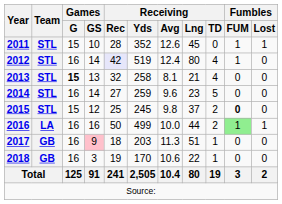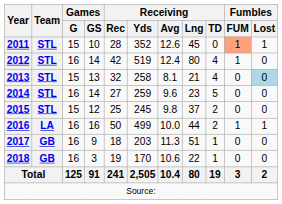 <table class="wikitable" style="text-align: center;">
 <tr>
 <th rowspan="2">Year</th>
 <th rowspan="2">Team</th>
 <th colspan="2">Games</th>
 <th colspan="5">Receiving</th>
 <th colspan="2">Fumbles</th>
 </tr>
 <tr>
 <th>G</th>
 <th>GS</th>
 <th>Rec</th>
 <th>Yds</th>
 <th>Avg</th>
 <th>Lng</th>
 <th>TD</th>
 <th>FUM</th>
 <th>Lost</th>
 </tr>
 <tr>
 <th><a href='#'>2011</a></th>
 <th><a href='#'>STL</a></th>
 <td>15</td>
 <td>10</td>
 <td>28</td>
 <td>352</td>
 <td>12.6</td>
 <td>45</td>
 <td>0</td>
-<td>1</td>
+<td style="background: lightsalmon;">1</td>
 <td>1</td>
 </tr>
 <tr>
 <th><a href='#'>2012</a></th>
 <th><a href='#'>STL</a></th>
 <td>16</td>
 <td>14</td>
-<td style="background: lavender;">42</td>
+<td>42</td>
 <td>519</td>
 <td>12.4</td>
 <td>80</td>
 <td>4</td>
 <td>1</td>
 <td>0</td>
 </tr>
 <tr>
 <th><a href='#'>2013</a></th>
 <th><a href='#'>STL</a></th>
-<td><strong>15</strong></td>
+<td>15</td>
 <td>13</td>
 <td>32</td>
 <td>258</td>
 <td>8.1</td>
 <td>21</td>
 <td>4</td>
 <td>0</td>
-<td>0</td>
+<td style="background: lightblue;">0</td>
 </tr>
 <tr>
 <th><a href='#'>2014</a></th>
 <th><a href='#'>STL</a></th>
 <td>16</td>
 <td>14</td>
 <td>27</td>
 <td>259</td>
 <td>9.6</td>
 <td>23</td>
 <td>5</td>
 <td>0</td>
 <td>0</td>
 </tr>
 <tr>
 <th><a href='#'>2015</a></th>
 <th><a href='#'>STL</a></th>
 <td>15</td>
 <td>12</td>
 <td>25</td>
 <td>245</td>
 <td>9.8</td>
 <td>37</td>
 <td>2</td>
-<td><strong>0</strong></td>
+<td>0</td>
 <td>0</td>
 </tr>
 <tr>
 <th><a href='#'>2016</a></th>
 <th><a href='#'>LA</a></th>
 <td>16</td>
 <td>16</td>
 <td>50</td>
 <td>499</td>
 <td>10.0</td>
 <td>44</td>
 <td>2</td>
-<td style="background: lightgreen;">1</td>
+<td>1</td>
 <td>1</td>
 </tr>
 <tr>
 <th><a href='#'>2017</a></th>
 <th><a href='#'>GB</a></th>
 <td>16</td>
-<td style="background: pink;">9</td>
+<td>9</td>
 <td>18</td>
 <td>203</td>
 <td>11.3</td>
 <td>51</td>
 <td>1</td>
 <td>0</td>
 <td>0</td>
 </tr>
 <tr>
 <th><a href='#'>2018</a></th>
 <th><a href='#'>GB</a></th>
 <td>16</td>
 <td>3</td>
 <td>19</td>
 <td>170</td>
 <td>10.6</td>
 <td>22</td>
 <td>1</td>
 <td>0</td>
 <td>0</td>
 </tr>
 <tr>
 <th colspan="2">Total</th>
 <th>125</th>
 <th>91</th>
 <th>241</th>
 <th>2,505</th>
 <th>10.4</th>
 <th>80</th>
 <th>19</th>
 <th>3</th>
 <th>2</th>
 </tr>
 <tr>
 <td colspan="11"><small>Source: </small></td>
 </tr>
 </table>
